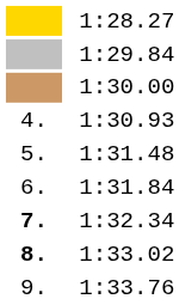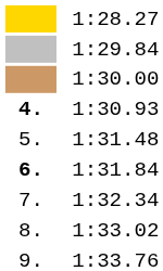 <table style="text-align:center">
 <tr>
 <td width=30 bgcolor=gold></td>
 <td align=left></td>
 <td width=60>1:28.27</td>
 </tr>
 <tr>
 <td bgcolor=silver></td>
 <td align=left></td>
 <td>1:29.84</td>
 </tr>
 <tr>
 <td bgcolor=cc9966></td>
 <td align=left></td>
 <td>1:30.00</td>
 </tr>
 <tr>
-<td>4.</td>
+<td><strong>4.</strong></td>
 <td align=left></td>
 <td>1:30.93</td>
 </tr>
 <tr>
 <td>5.</td>
 <td align=left></td>
 <td>1:31.48</td>
 </tr>
 <tr>
-<td>6.</td>
+<td><strong>6.</strong></td>
 <td align=left></td>
 <td>1:31.84</td>
 </tr>
 <tr>
-<td><strong>7.</strong></td>
+<td>7.</td>
 <td align=left></td>
 <td>1:32.34</td>
 </tr>
 <tr>
-<td><strong>8.</strong></td>
+<td>8.</td>
 <td align=left></td>
 <td>1:33.02</td>
 </tr>
 <tr>
 <td>9.</td>
 <td align=left></td>
 <td>1:33.76</td>
 </tr>
 </table>
